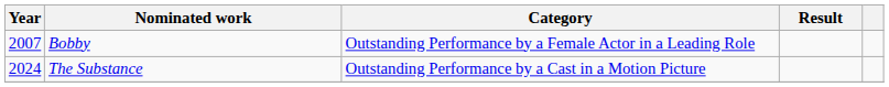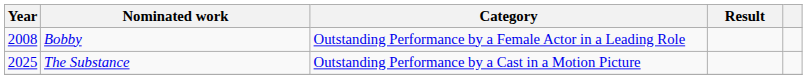 <table class="wikitable">
 <tr>
 <th scope="col" style="width:1em;">Year</th>
 <th scope="col" style="width:20em;">Nominated work</th>
 <th scope="col" style="width:30em;">Category</th>
 <th scope="col" style="width:5em;">Result</th>
 <th scope="col" style="width:1em;"></th>
 </tr>
 <tr>
-<td><a href='#'>2007</a></td>
+<td><a href='#'>2008</a></td>
 <td><a href='#'><em>Bobby</em></a></td>
 <td><a href='#'>Outstanding Performance by a Female Actor in a Leading Role</a></td>
 <td></td>
 <td style="text-align:center;"></td>
 </tr>
 <tr>
-<td><a href='#'>2024</a></td>
+<td><a href='#'>2025</a></td>
 <td><em><a href='#'>The Substance</a></em></td>
 <td><a href='#'>Outstanding Performance by a Cast in a Motion Picture</a></td>
 <td></td>
 <td style="text-align:center;"></td>
 </tr>
 <tr>
 </tr>
 </table>
